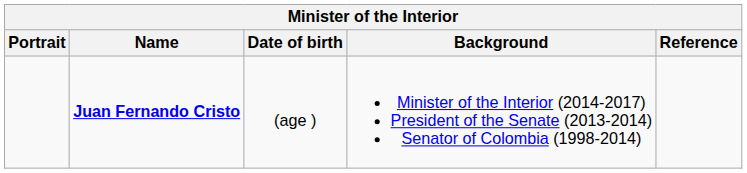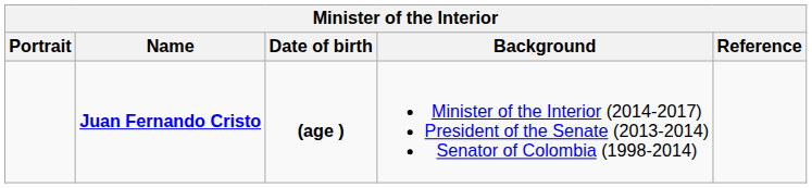 <table class="wikitable collapsible" style="text-align:center;">
 <tr>
 <th colspan="5">Minister of the Interior</th>
 </tr>
 <tr>
 <th>Portrait</th>
 <th>Name</th>
 <th>Date of birth</th>
 <th>Background</th>
 <th>Reference</th>
 </tr>
 <tr>
 <td></td>
 <td><strong><a href='#'>Juan Fernando Cristo</a></strong></td>
-<td><br>(age )</td>
+<td><strong><br>(age )</strong></td>
 <td><br><ul><li><a href='#'>Minister of the Interior</a> (2014-2017)</li><li><a href='#'>President of the Senate</a> (2013-2014)</li><li><a href='#'>Senator of Colombia</a> (1998-2014)</li></ul></td>
 <td></td>
 </tr>
 </table>
